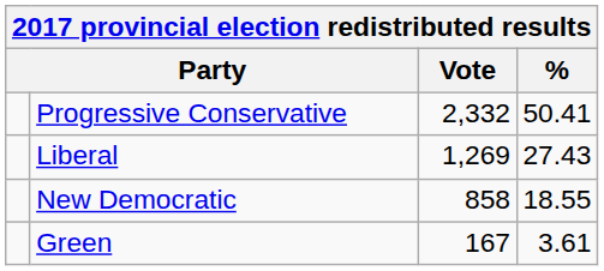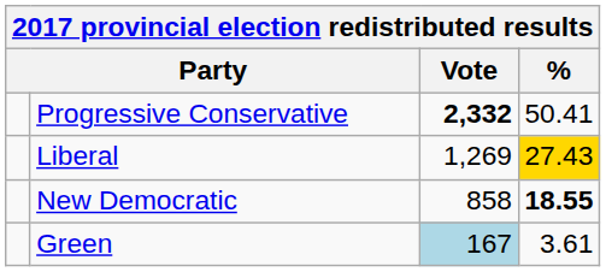 <table class="wikitable">
 <tr>
 <th colspan="4"><a href='#'>2017 provincial election</a> redistributed results</th>
 </tr>
 <tr>
 <th bgcolor="#DDDDFF" width="130px" colspan="2">Party</th>
 <th bgcolor="#DDDDFF" width="50px">Vote</th>
 <th bgcolor="#DDDDFF" width="30px">%</th>
 </tr>
 <tr>
 <td> </td>
 <td><a href='#'>Progressive Conservative</a></td>
-<td align=right>2,332</td>
+<td align=right><strong>2,332</strong></td>
 <td align=right>50.41</td>
 </tr>
 <tr>
 <td> </td>
 <td><a href='#'>Liberal</a></td>
 <td align=right>1,269</td>
-<td align=right>27.43</td>
+<td align=right style="background: gold;">27.43</td>
 </tr>
 <tr>
 <td> </td>
 <td><a href='#'>New Democratic</a></td>
 <td align=right>858</td>
-<td align=right>18.55</td>
+<td align=right><strong>18.55</strong></td>
 </tr>
 <tr>
 <td> </td>
 <td><a href='#'>Green</a></td>
-<td align=right>167</td>
+<td align=right style="background: lightblue;">167</td>
 <td align=right>3.61</td>
 </tr>
 </table>
